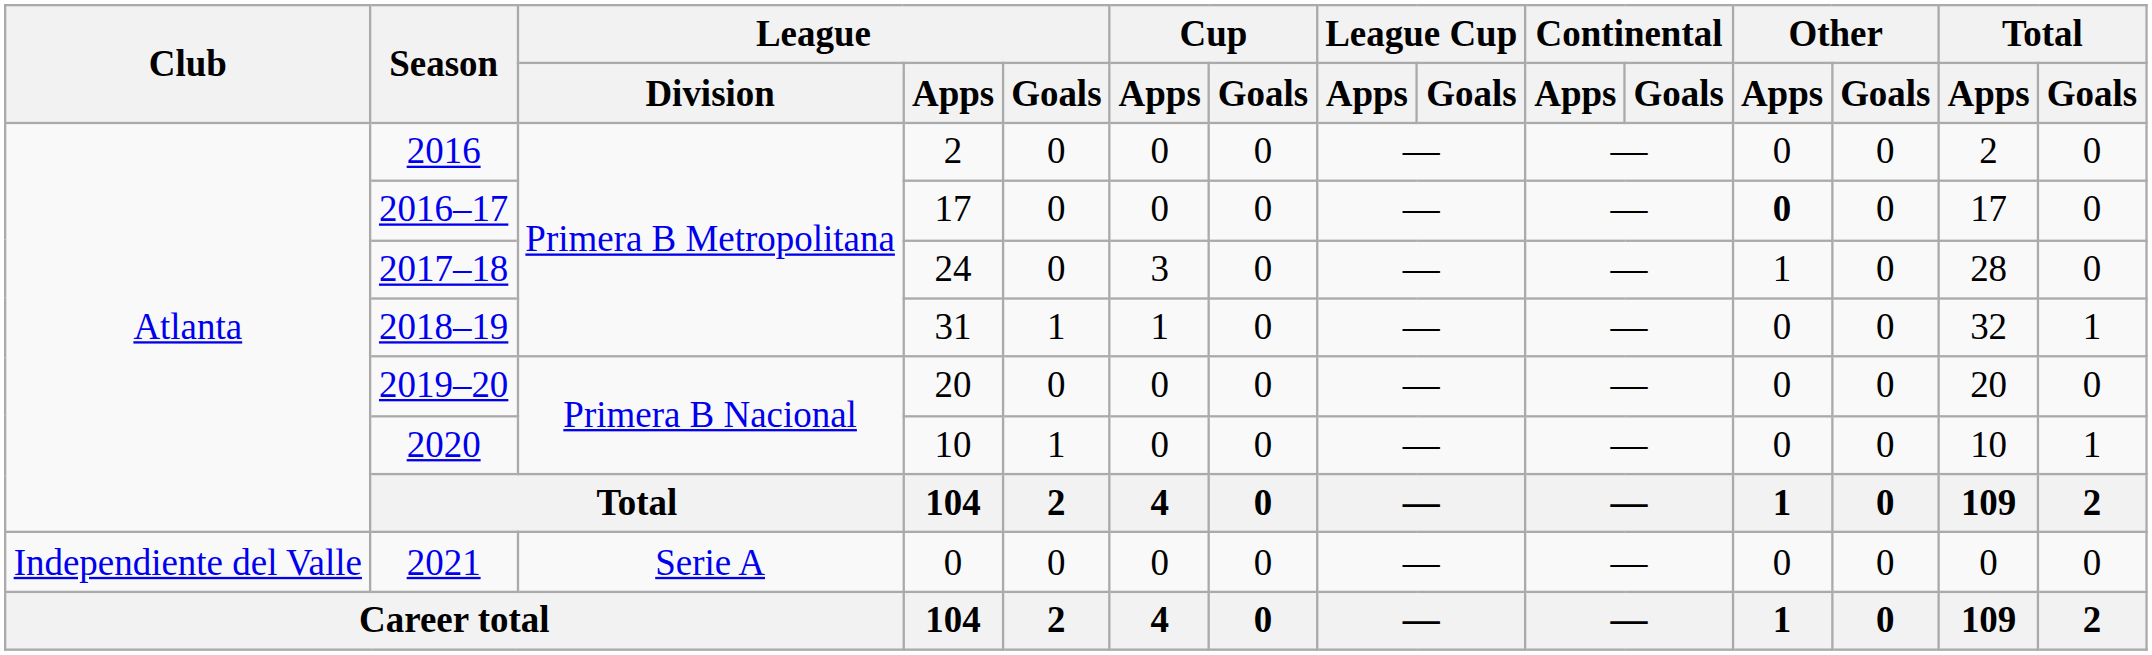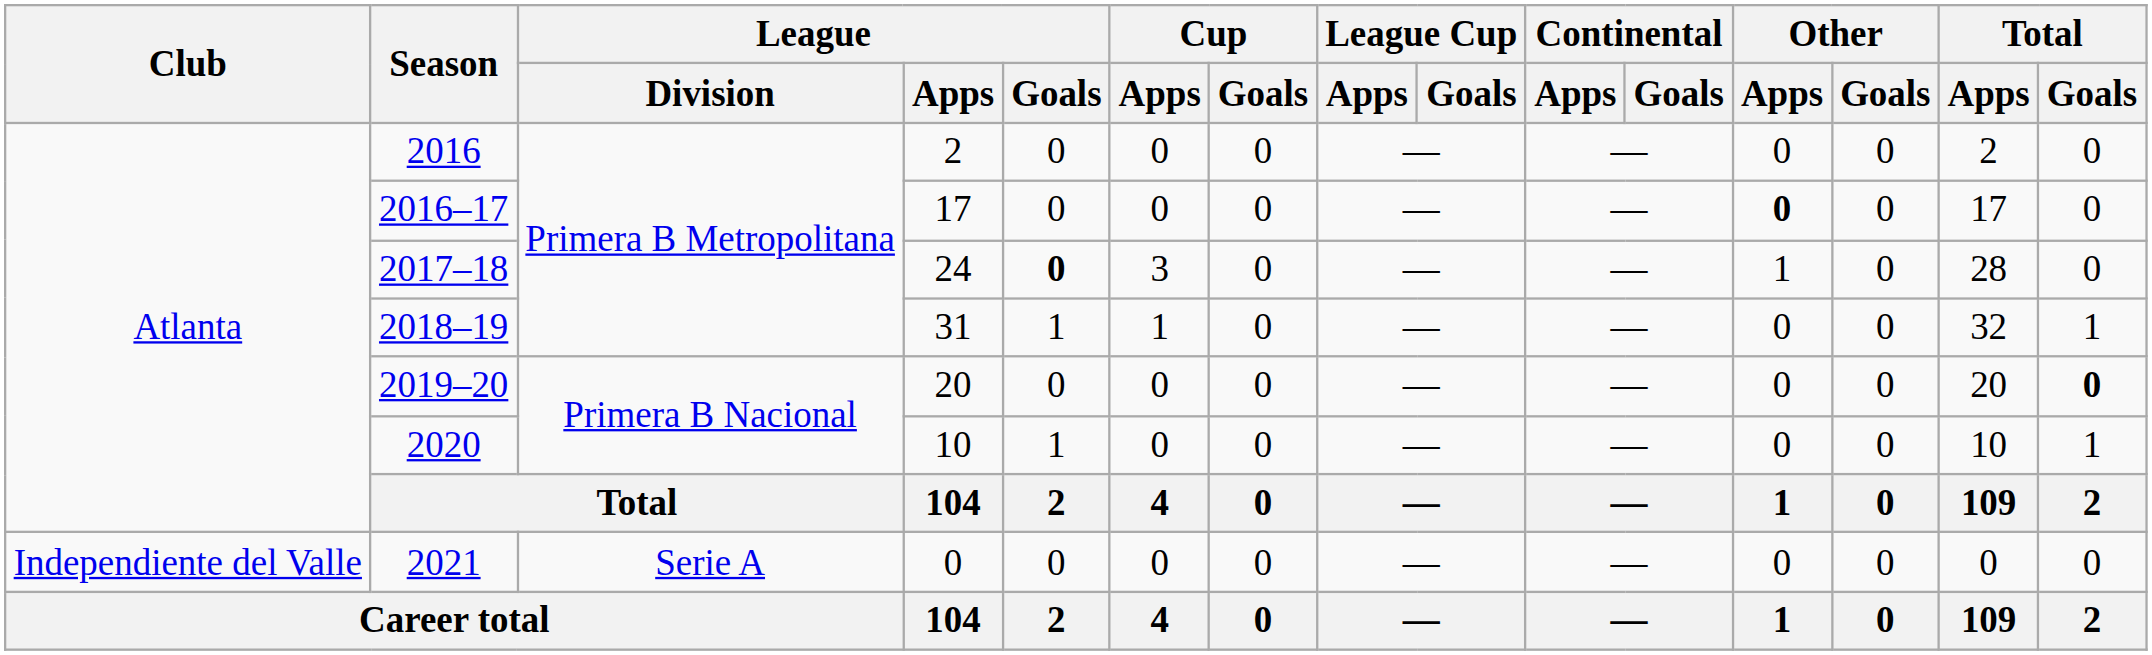 <table class="wikitable" style="text-align:center">
 <tr>
 <th rowspan="2">Club</th>
 <th rowspan="2">Season</th>
 <th colspan="3">League</th>
 <th colspan="2">Cup</th>
 <th colspan="2">League Cup</th>
 <th colspan="2">Continental</th>
 <th colspan="2">Other</th>
 <th colspan="2">Total</th>
 </tr>
 <tr>
 <th>Division</th>
 <th>Apps</th>
 <th>Goals</th>
 <th>Apps</th>
 <th>Goals</th>
 <th>Apps</th>
 <th>Goals</th>
 <th>Apps</th>
 <th>Goals</th>
 <th>Apps</th>
 <th>Goals</th>
 <th>Apps</th>
 <th>Goals</th>
 </tr>
 <tr>
 <td rowspan="7"><a href='#'>Atlanta</a></td>
 <td><a href='#'>2016</a></td>
 <td rowspan="4"><a href='#'>Primera B Metropolitana</a></td>
 <td>2</td>
 <td>0</td>
 <td>0</td>
 <td>0</td>
 <td colspan="2">—</td>
 <td colspan="2">—</td>
 <td>0</td>
 <td>0</td>
 <td>2</td>
 <td>0</td>
 </tr>
 <tr>
 <td><a href='#'>2016–17</a></td>
 <td>17</td>
 <td>0</td>
 <td>0</td>
 <td>0</td>
 <td colspan="2">—</td>
 <td colspan="2">—</td>
 <td><strong>0</strong></td>
 <td>0</td>
 <td>17</td>
 <td>0</td>
 </tr>
 <tr>
 <td><a href='#'>2017–18</a></td>
 <td>24</td>
-<td>0</td>
+<td><strong>0</strong></td>
 <td>3</td>
 <td>0</td>
 <td colspan="2">—</td>
 <td colspan="2">—</td>
 <td>1</td>
 <td>0</td>
 <td>28</td>
 <td>0</td>
 </tr>
 <tr>
 <td><a href='#'>2018–19</a></td>
 <td>31</td>
 <td>1</td>
 <td>1</td>
 <td>0</td>
 <td colspan="2">—</td>
 <td colspan="2">—</td>
 <td>0</td>
 <td>0</td>
 <td>32</td>
 <td>1</td>
 </tr>
 <tr>
 <td><a href='#'>2019–20</a></td>
 <td rowspan="2"><a href='#'>Primera B Nacional</a></td>
 <td>20</td>
 <td>0</td>
 <td>0</td>
 <td>0</td>
 <td colspan="2">—</td>
 <td colspan="2">—</td>
 <td>0</td>
 <td>0</td>
 <td>20</td>
-<td>0</td>
+<td><strong>0</strong></td>
 </tr>
 <tr>
 <td><a href='#'>2020</a></td>
 <td>10</td>
 <td>1</td>
 <td>0</td>
 <td>0</td>
 <td colspan="2">—</td>
 <td colspan="2">—</td>
 <td>0</td>
 <td>0</td>
 <td>10</td>
 <td>1</td>
 </tr>
 <tr>
 <th colspan="2">Total</th>
 <th>104</th>
 <th>2</th>
 <th>4</th>
 <th>0</th>
 <th colspan="2">—</th>
 <th colspan="2">—</th>
 <th>1</th>
 <th>0</th>
 <th>109</th>
 <th>2</th>
 </tr>
 <tr>
 <td rowspan="1"><a href='#'>Independiente del Valle</a></td>
 <td><a href='#'>2021</a></td>
 <td rowspan="1"><a href='#'>Serie A</a></td>
 <td>0</td>
 <td>0</td>
 <td>0</td>
 <td>0</td>
 <td colspan="2">—</td>
 <td colspan="2">—</td>
 <td>0</td>
 <td>0</td>
 <td>0</td>
 <td>0</td>
 </tr>
 <tr>
 <th colspan="3">Career total</th>
 <th>104</th>
 <th>2</th>
 <th>4</th>
 <th>0</th>
 <th colspan="2">—</th>
 <th colspan="2">—</th>
 <th>1</th>
 <th>0</th>
 <th>109</th>
 <th>2</th>
 </tr>
 </table>
